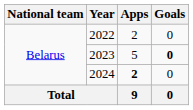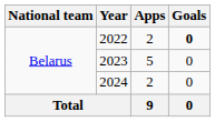 <table class=wikitable style=text-align:center>
 <tr>
 <th>National team</th>
 <th>Year</th>
 <th>Apps</th>
 <th>Goals</th>
 </tr>
 <tr>
 <td rowspan="3"><a href='#'>Belarus</a></td>
 <td>2022</td>
 <td>2</td>
-<td>0</td>
+<td><strong>0</strong></td>
 </tr>
 <tr>
 <td>2023</td>
 <td>5</td>
-<td><strong>0</strong></td>
+<td>0</td>
 </tr>
 <tr>
 <td>2024</td>
-<td><strong>2</strong></td>
+<td>2</td>
 <td>0</td>
 </tr>
 <tr>
 <th colspan=2>Total</th>
 <th>9</th>
 <th>0</th>
 </tr>
 </table>
